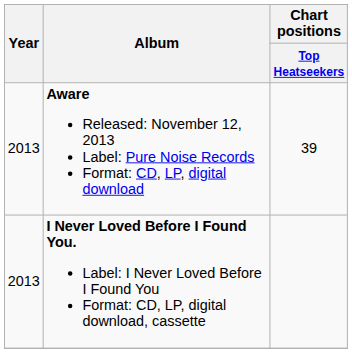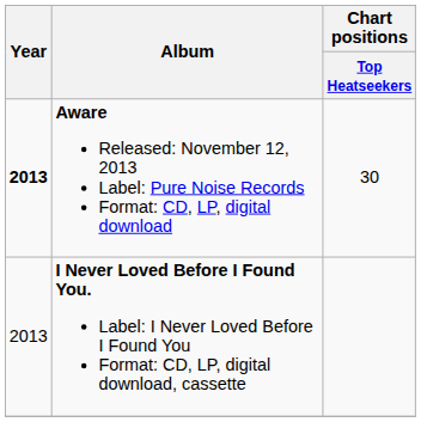 <table class="wikitable">
 <tr>
 <th style="width:18px;" rowspan="2">Year</th>
 <th style="width:245px;" rowspan="2">Album</th>
 <th colspan="1">Chart positions</th>
 </tr>
 <tr>
 <th style="width:50px;"><small><a href='#'>Top Heatseekers</a></small></th>
 </tr>
 <tr>
-<td>2013</td>
+<td><strong>2013</strong></td>
 <td><strong>Aware</strong><br><ul><li>Released: November 12, 2013</li><li>Label: <a href='#'>Pure Noise Records</a></li><li>Format: <a href='#'>CD</a>, <a href='#'>LP</a>, <a href='#'>digital download</a></li></ul></td>
-<td style="text-align:center;">39</td>
+<td style="text-align:center;">30</td>
 </tr>
 <tr>
 <td>2013</td>
 <td><strong>I Never Loved Before I Found You.</strong><br><ul><li>Label: I Never Loved Before I Found You</li><li>Format: CD, LP, digital download, cassette</li></ul></td>
 <td style="text-align:center;"></td>
 </tr>
 <tr>
 </tr>
 </table>
